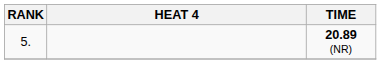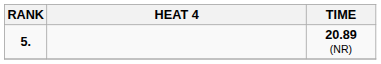 <table class="wikitable" style="border-collapse: collapse; font-size: 90%;">
 <tr>
 <th>RANK</th>
 <th style="width: 20em">HEAT 4</th>
 <th style="width: 5em">TIME</th>
 </tr>
 <tr>
-<td align="center">5.</td>
+<td align="center"><strong>5.</strong></td>
 <td></td>
 <td align="center"><strong>20.89</strong><br> <small>(NR)</small></td>
 </tr>
 <tr>
 </tr>
 </table>
